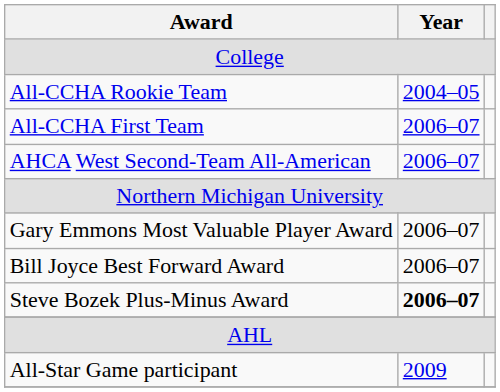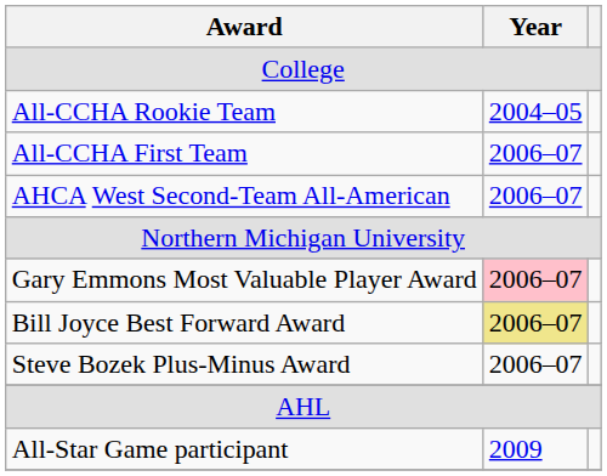 <table class="wikitable">
 <tr>
 <th>Award</th>
 <th>Year</th>
 <th></th>
 </tr>
 <tr style="text-align:center; background:#e0e0e0;">
 <td colspan="3"><a href='#'>College</a></td>
 </tr>
 <tr>
 <td><a href='#'>All-CCHA Rookie Team</a></td>
 <td><a href='#'>2004–05</a></td>
 <td></td>
 </tr>
 <tr>
 <td><a href='#'>All-CCHA First Team</a></td>
 <td><a href='#'>2006–07</a></td>
 <td></td>
 </tr>
 <tr>
 <td><a href='#'>AHCA</a> <a href='#'>West Second-Team All-American</a></td>
 <td><a href='#'>2006–07</a></td>
 <td></td>
 </tr>
 <tr style="text-align:center; background:#e0e0e0;">
 <td colspan="3"><a href='#'>Northern Michigan University</a></td>
 </tr>
 <tr>
 <td>Gary Emmons Most Valuable Player Award</td>
-<td>2006–07</td>
+<td style="background: pink;">2006–07</td>
 <td></td>
 </tr>
 <tr>
 <td>Bill Joyce Best Forward Award</td>
-<td>2006–07</td>
+<td style="background: khaki;">2006–07</td>
 <td></td>
 </tr>
 <tr>
 <td>Steve Bozek Plus-Minus Award</td>
-<td><strong>2006–07</strong></td>
+<td>2006–07</td>
 <td></td>
 </tr>
 <tr>
 </tr>
 <tr style="text-align:center; background:#e0e0e0;">
 <td colspan="3"><a href='#'>AHL</a></td>
 </tr>
 <tr>
 <td>All-Star Game participant</td>
 <td><a href='#'>2009</a></td>
 <td></td>
 </tr>
 <tr>
 </tr>
 </table>
